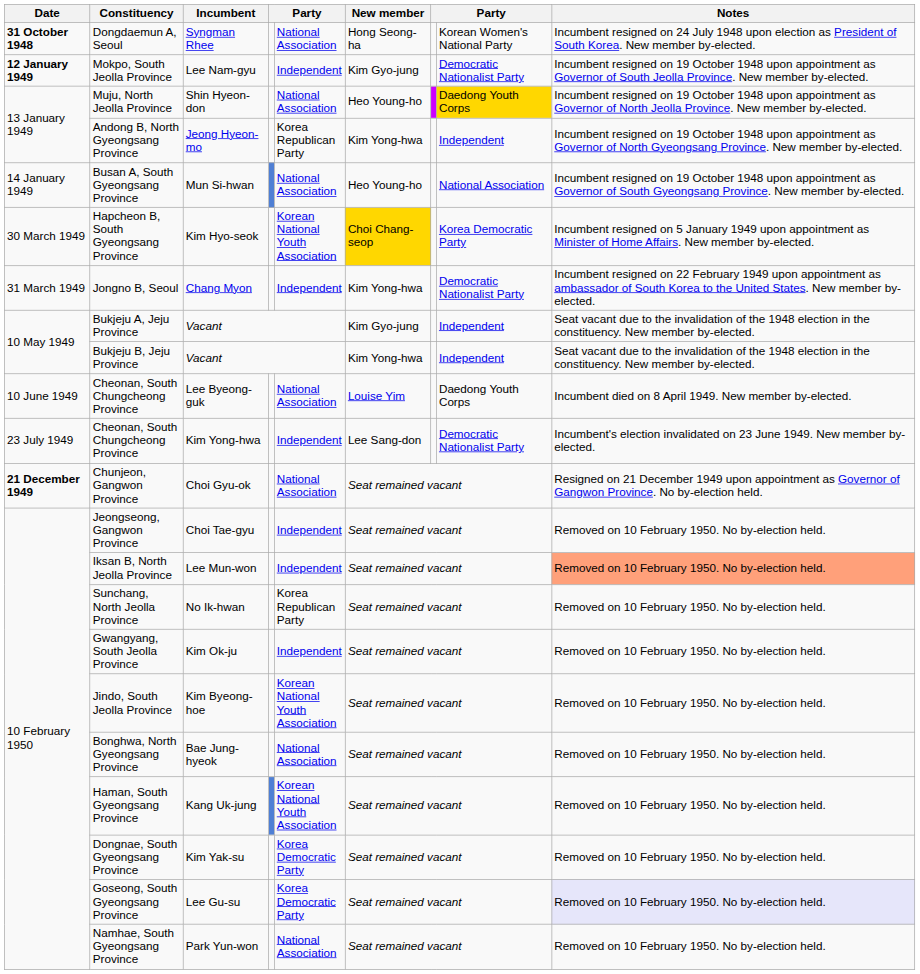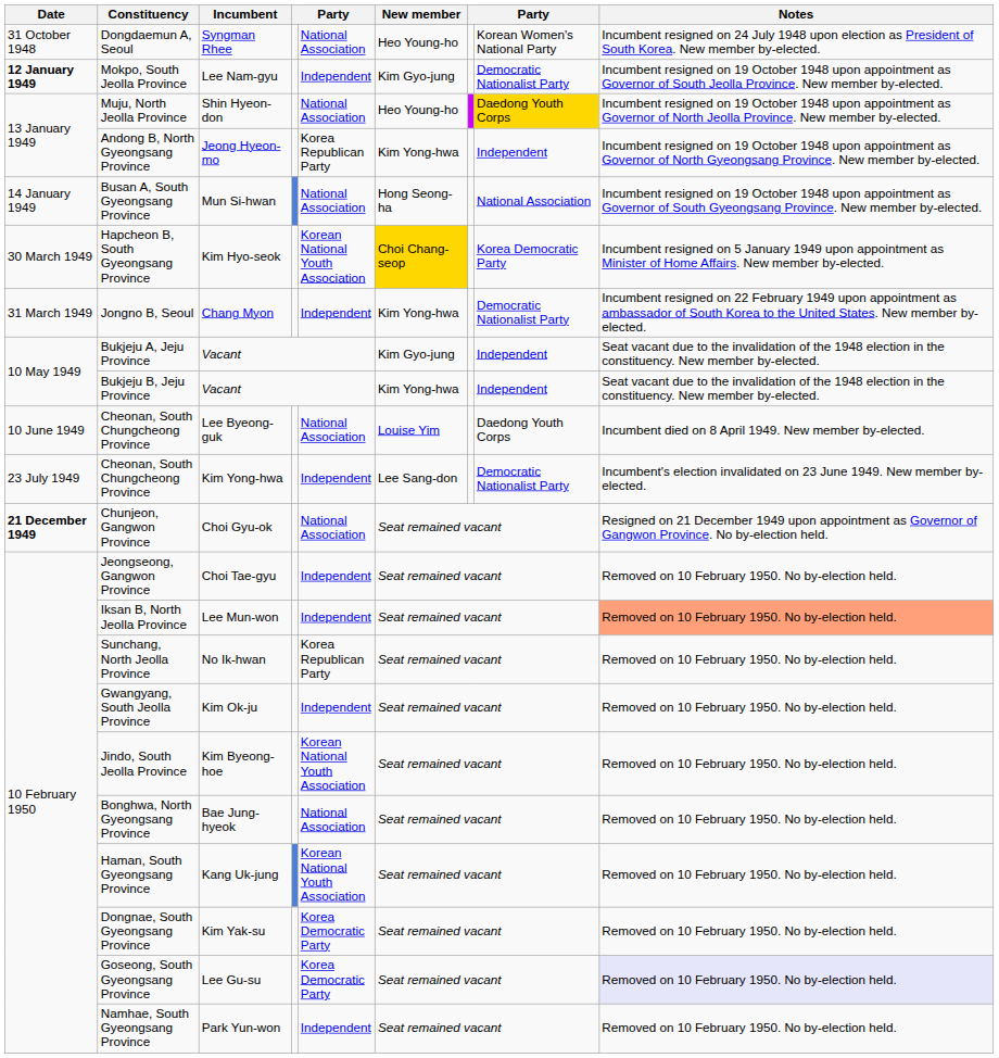 <table class="wikitable sortable plainrowheaders">
 <tr>
 <th width="110px">Date</th>
 <th width="120px">Constituency</th>
 <th width="110px">Incumbent</th>
 <th colspan="2">Party</th>
 <th width="110px">New member</th>
 <th colspan="2">Party</th>
 <th class="unsortable">Notes</th>
 </tr>
 <tr>
-<td><strong>31 October 1948</strong></td>
+<td>31 October 1948</td>
 <td>Dongdaemun A, Seoul</td>
 <td><a href='#'>Syngman Rhee</a></td>
 <td bgcolor=></td>
 <td width="90px"><a href='#'>National Association</a></td>
-<td>Hong Seong-ha</td>
+<td>Heo Young-ho</td>
 <td bgcolor=></td>
 <td>Korean Women's National Party</td>
 <td>Incumbent resigned on 24 July 1948 upon election as <a href='#'>President of South Korea</a>. New member by-elected.</td>
 </tr>
 <tr>
 <td><strong>12 January 1949</strong></td>
 <td>Mokpo, South Jeolla Province</td>
 <td>Lee Nam-gyu</td>
 <td></td>
 <td><a href='#'>Independent</a></td>
 <td>Kim Gyo-jung</td>
 <td></td>
 <td><a href='#'>Democratic Nationalist Party</a></td>
 <td>Incumbent resigned on 19 October 1948 upon appointment as <a href='#'>Governor of South Jeolla Province</a>. New member by-elected.</td>
 </tr>
 <tr>
 <td rowspan="2">13 January 1949</td>
 <td>Muju, North Jeolla Province</td>
 <td>Shin Hyeon-don</td>
 <td></td>
 <td><a href='#'>National Association</a></td>
 <td>Heo Young-ho</td>
 <td style="background-color:#c0f"></td>
 <td style="background: gold;">Daedong Youth Corps</td>
 <td>Incumbent resigned on 19 October 1948 upon appointment as <a href='#'>Governor of North Jeolla Province</a>. New member by-elected.</td>
 </tr>
 <tr>
 <td>Andong B, North Gyeongsang Province</td>
 <td><a href='#'>Jeong Hyeon-mo</a></td>
 <td></td>
 <td>Korea Republican Party</td>
 <td>Kim Yong-hwa</td>
 <td></td>
 <td><a href='#'>Independent</a></td>
 <td>Incumbent resigned on 19 October 1948 upon appointment as <a href='#'>Governor of North Gyeongsang Province</a>. New member by-elected.</td>
 </tr>
 <tr>
 <td>14 January 1949</td>
 <td>Busan A, South Gyeongsang Province</td>
 <td>Mun Si-hwan</td>
 <td style="background-color:#4F7FD4"></td>
 <td><a href='#'>National Association</a></td>
-<td>Heo Young-ho</td>
+<td>Hong Seong-ha</td>
 <td></td>
 <td><a href='#'>National Association</a></td>
 <td>Incumbent resigned on 19 October 1948 upon appointment as <a href='#'>Governor of South Gyeongsang Province</a>. New member by-elected.</td>
 </tr>
 <tr>
 <td>30 March 1949</td>
 <td>Hapcheon B, South Gyeongsang Province</td>
 <td>Kim Hyo-seok</td>
 <td></td>
 <td><a href='#'>Korean National Youth Association</a></td>
 <td style="background: gold;">Choi Chang-seop</td>
 <td></td>
 <td><a href='#'>Korea Democratic Party</a></td>
 <td>Incumbent resigned on 5 January 1949 upon appointment as <a href='#'>Minister of Home Affairs</a>. New member by-elected.</td>
 </tr>
 <tr>
 <td>31 March 1949</td>
 <td>Jongno B, Seoul</td>
 <td><a href='#'>Chang Myon</a></td>
 <td bgcolor=></td>
 <td><a href='#'>Independent</a></td>
 <td>Kim Yong-hwa</td>
 <td bgcolor=></td>
 <td><a href='#'>Democratic Nationalist Party</a></td>
 <td>Incumbent resigned on 22 February 1949 upon appointment as <a href='#'>ambassador of South Korea to the United States</a>. New member by-elected.</td>
 </tr>
 <tr>
 <td rowspan="2">10 May 1949</td>
 <td>Bukjeju A, Jeju Province</td>
 <td colspan="3"><em>Vacant</em></td>
 <td>Kim Gyo-jung</td>
 <td></td>
 <td><a href='#'>Independent</a></td>
 <td>Seat vacant due to the invalidation of the 1948 election in the constituency. New member by-elected.</td>
 </tr>
 <tr>
 <td>Bukjeju B, Jeju Province</td>
 <td colspan="3"><em>Vacant</em></td>
 <td>Kim Yong-hwa</td>
 <td></td>
 <td><a href='#'>Independent</a></td>
 <td>Seat vacant due to the invalidation of the 1948 election in the constituency. New member by-elected.</td>
 </tr>
 <tr>
 <td>10 June 1949</td>
 <td>Cheonan, South Chungcheong Province</td>
 <td>Lee Byeong-guk</td>
 <td></td>
 <td><a href='#'>National Association</a></td>
 <td><a href='#'>Louise Yim</a></td>
 <td bgcolor=></td>
 <td>Daedong Youth Corps</td>
 <td>Incumbent died on 8 April 1949. New member by-elected.</td>
 </tr>
 <tr>
 <td>23 July 1949</td>
 <td>Cheonan, South Chungcheong Province</td>
 <td>Kim Yong-hwa</td>
 <td bgcolor=></td>
 <td><a href='#'>Independent</a></td>
 <td>Lee Sang-don</td>
 <td bgcolor=></td>
 <td><a href='#'>Democratic Nationalist Party</a></td>
 <td>Incumbent's election invalidated on 23 June 1949. New member by-elected.</td>
 </tr>
 <tr>
 <td><strong>21 December 1949</strong></td>
 <td>Chunjeon, Gangwon Province</td>
 <td>Choi Gyu-ok</td>
 <td bgcolor=></td>
 <td><a href='#'>National Association</a></td>
 <td colspan="3"><em>Seat remained vacant</em></td>
 <td>Resigned on 21 December 1949 upon appointment as <a href='#'>Governor of Gangwon Province</a>. No by-election held.</td>
 </tr>
 <tr>
 <td rowspan="10">10 February 1950</td>
 <td>Jeongseong, Gangwon Province</td>
 <td>Choi Tae-gyu</td>
 <td bgcolor=></td>
 <td><a href='#'>Independent</a></td>
 <td colspan="3"><em>Seat remained vacant</em></td>
 <td>Removed on 10 February 1950. No by-election held.</td>
 </tr>
 <tr>
 <td>Iksan B, North Jeolla Province</td>
 <td>Lee Mun-won</td>
 <td></td>
 <td><a href='#'>Independent</a></td>
 <td colspan="3"><em>Seat remained vacant</em></td>
 <td style="background: lightsalmon;">Removed on 10 February 1950. No by-election held.</td>
 </tr>
 <tr>
 <td>Sunchang, North Jeolla Province</td>
 <td>No Ik-hwan</td>
 <td></td>
 <td>Korea Republican Party</td>
 <td colspan="3"><em>Seat remained vacant</em></td>
 <td>Removed on 10 February 1950. No by-election held.</td>
 </tr>
 <tr>
 <td>Gwangyang, South Jeolla Province</td>
 <td>Kim Ok-ju</td>
 <td></td>
 <td><a href='#'>Independent</a></td>
 <td colspan="3"><em>Seat remained vacant</em></td>
 <td>Removed on 10 February 1950. No by-election held.</td>
 </tr>
 <tr>
 <td>Jindo, South Jeolla Province</td>
 <td>Kim Byeong-hoe</td>
 <td></td>
 <td><a href='#'>Korean National Youth Association</a></td>
 <td colspan="3"><em>Seat remained vacant</em></td>
 <td>Removed on 10 February 1950. No by-election held.</td>
 </tr>
 <tr>
 <td>Bonghwa, North Gyeongsang Province</td>
 <td>Bae Jung-hyeok</td>
 <td></td>
 <td><a href='#'>National Association</a></td>
 <td colspan="3"><em>Seat remained vacant</em></td>
 <td>Removed on 10 February 1950. No by-election held.</td>
 </tr>
 <tr>
 <td>Haman, South Gyeongsang Province</td>
 <td>Kang Uk-jung</td>
 <td style="background-color:#4F7FD4"></td>
 <td><a href='#'>Korean National Youth Association</a></td>
 <td colspan="3"><em>Seat remained vacant</em></td>
 <td>Removed on 10 February 1950. No by-election held.</td>
 </tr>
 <tr>
 <td>Dongnae, South Gyeongsang Province</td>
 <td>Kim Yak-su</td>
 <td></td>
 <td><a href='#'>Korea Democratic Party</a></td>
 <td colspan="3"><em>Seat remained vacant</em></td>
 <td>Removed on 10 February 1950. No by-election held.</td>
 </tr>
 <tr>
 <td>Goseong, South Gyeongsang Province</td>
 <td>Lee Gu-su</td>
 <td></td>
 <td><a href='#'>Korea Democratic Party</a></td>
 <td colspan="3"><em>Seat remained vacant</em></td>
 <td style="background: lavender;">Removed on 10 February 1950. No by-election held.</td>
 </tr>
 <tr>
 <td>Namhae, South Gyeongsang Province</td>
 <td>Park Yun-won</td>
 <td></td>
-<td><a href='#'>National Association</a></td>
+<td><a href='#'>Independent</a></td>
 <td colspan="3"><em>Seat remained vacant</em></td>
 <td>Removed on 10 February 1950. No by-election held.</td>
 </tr>
 </table>
